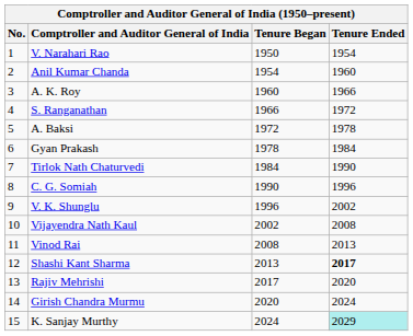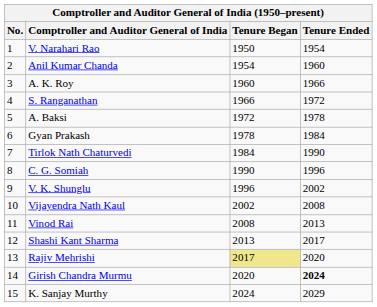 <table class="wikitable">
 <tr>
 <th colspan="4">Comptroller and Auditor General of India (1950–present)</th>
 </tr>
 <tr>
 <th>No.</th>
 <th>Comptroller and Auditor General of India</th>
 <th>Tenure Began</th>
 <th>Tenure Ended</th>
 </tr>
 <tr>
 <td>1</td>
 <td><a href='#'>V. Narahari Rao</a></td>
 <td>1950</td>
 <td>1954</td>
 </tr>
 <tr>
 <td>2</td>
 <td><a href='#'>Anil Kumar Chanda</a></td>
 <td>1954</td>
 <td>1960</td>
 </tr>
 <tr>
 <td>3</td>
 <td>A. K. Roy</td>
 <td>1960</td>
 <td>1966</td>
 </tr>
 <tr>
 <td>4</td>
 <td><a href='#'>S. Ranganathan</a></td>
 <td>1966</td>
 <td>1972</td>
 </tr>
 <tr>
 <td>5</td>
 <td>A. Baksi</td>
 <td>1972</td>
 <td>1978</td>
 </tr>
 <tr>
 <td>6</td>
 <td>Gyan Prakash</td>
 <td>1978</td>
 <td>1984</td>
 </tr>
 <tr>
 <td>7</td>
 <td><a href='#'>Tirlok Nath Chaturvedi</a></td>
 <td>1984</td>
 <td>1990</td>
 </tr>
 <tr>
 <td>8</td>
 <td><a href='#'>C. G. Somiah</a></td>
 <td>1990</td>
 <td>1996</td>
 </tr>
 <tr>
 <td>9</td>
 <td><a href='#'>V. K. Shunglu</a></td>
 <td>1996</td>
 <td>2002</td>
 </tr>
 <tr>
 <td>10</td>
 <td><a href='#'>Vijayendra Nath Kaul</a></td>
 <td>2002</td>
 <td>2008</td>
 </tr>
 <tr>
 <td>11</td>
 <td><a href='#'>Vinod Rai</a></td>
 <td>2008</td>
 <td>2013</td>
 </tr>
 <tr>
 <td>12</td>
 <td><a href='#'>Shashi Kant Sharma</a></td>
 <td>2013</td>
-<td><strong>2017</strong></td>
+<td>2017</td>
 </tr>
 <tr>
 <td>13</td>
 <td><a href='#'>Rajiv Mehrishi</a></td>
-<td>2017</td>
+<td style="background: khaki;">2017</td>
 <td>2020</td>
 </tr>
 <tr>
 <td>14</td>
 <td><a href='#'>Girish Chandra Murmu</a></td>
 <td>2020</td>
-<td>2024</td>
+<td><strong>2024</strong></td>
 </tr>
 <tr>
 <td>15</td>
 <td>K. Sanjay Murthy</td>
 <td>2024</td>
-<td style="background: paleturquoise;">2029</td>
+<td>2029</td>
 </tr>
 </table>
